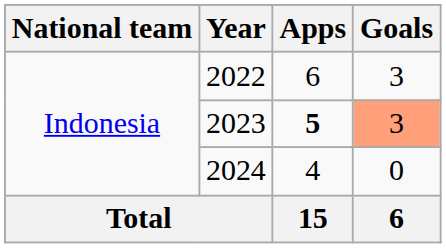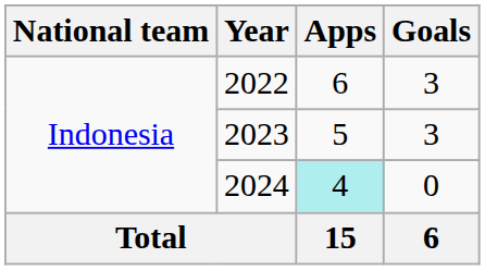 <table class="wikitable" style="text-align:center">
 <tr>
 <th>National team</th>
 <th>Year</th>
 <th>Apps</th>
 <th>Goals</th>
 </tr>
 <tr>
 <td rowspan="3"><a href='#'>Indonesia</a></td>
 <td>2022</td>
 <td>6</td>
 <td>3</td>
 </tr>
 <tr>
 <td>2023</td>
-<td><strong>5</strong></td>
-<td style="background: lightsalmon;">3</td>
+<td>5</td>
+<td>3</td>
 </tr>
 <tr>
 <td>2024</td>
-<td>4</td>
+<td style="background: paleturquoise;">4</td>
 <td>0</td>
 </tr>
 <tr>
 <th colspan="2">Total</th>
 <th>15</th>
 <th>6</th>
 </tr>
 </table>
